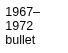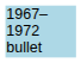 <table style="width:80px;">
 <tr>
 <td></td>
 </tr>
 <tr>
-<td><div>1967–1972 bullet</div></td>
+<td style="background: lightblue;"><div>1967–1972 bullet</div></td>
 </tr>
 </table>
